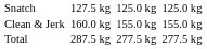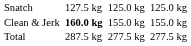 <table>
 <tr>
 <td>Snatch</td>
 <td></td>
 <td>127.5 kg</td>
 <td></td>
 <td>125.0 kg</td>
 <td></td>
 <td>125.0 kg</td>
 </tr>
 <tr>
 <td>Clean & Jerk</td>
 <td></td>
-<td>160.0 kg</td>
+<td><strong>160.0 kg</strong></td>
 <td></td>
 <td>155.0 kg</td>
 <td></td>
 <td>155.0 kg</td>
 </tr>
 <tr>
 <td>Total</td>
 <td></td>
 <td>287.5 kg</td>
 <td></td>
 <td>277.5 kg</td>
 <td></td>
 <td>277.5 kg</td>
 </tr>
 </table>
